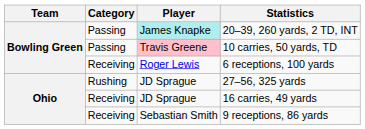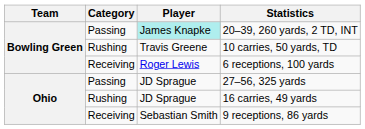 <table class="wikitable" style="float:right">
 <tr>
 <th>Team</th>
 <th>Category</th>
 <th>Player</th>
 <th>Statistics</th>
 </tr>
 <tr>
 <th rowspan=3>Bowling Green</th>
 <td>Passing</td>
 <td style="background: paleturquoise;">James Knapke</td>
 <td>20–39, 260 yards, 2 TD, INT</td>
 </tr>
 <tr>
-<td>Passing</td>
-<td style="background: pink;">Travis Greene</td>
+<td>Rushing</td>
+<td>Travis Greene</td>
 <td>10 carries, 50 yards, TD</td>
 </tr>
 <tr>
 <td>Receiving</td>
 <td><a href='#'>Roger Lewis</a></td>
 <td>6 receptions, 100 yards</td>
 </tr>
 <tr>
 <th rowspan=3>Ohio</th>
-<td>Rushing</td>
+<td>Passing</td>
 <td>JD Sprague</td>
 <td>27–56, 325 yards</td>
 </tr>
 <tr>
-<td>Receiving</td>
+<td>Rushing</td>
 <td>JD Sprague</td>
 <td>16 carries, 49 yards</td>
 </tr>
 <tr>
 <td>Receiving</td>
 <td>Sebastian Smith</td>
 <td>9 receptions, 86 yards</td>
 </tr>
 </table>
